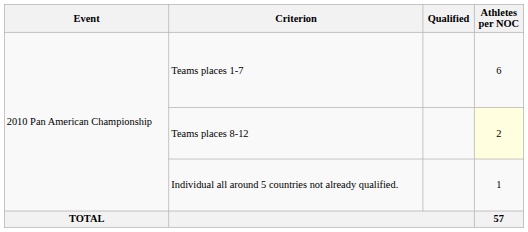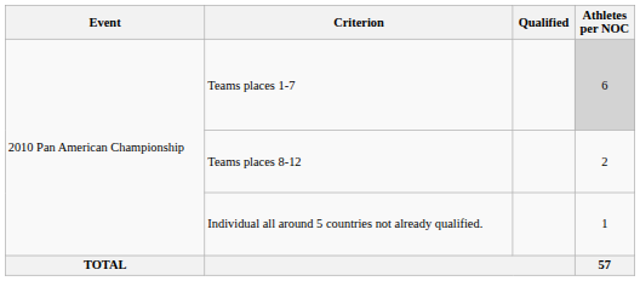 <table class="wikitable" width=800>
 <tr>
 <th>Event</th>
 <th>Criterion</th>
 <th>Qualified</th>
 <th>Athletes<br> per NOC</th>
 </tr>
 <tr>
 <td rowspan="3">2010 Pan American Championship</td>
 <td>Teams places 1-7</td>
 <td> <br>  <br>  <br>  <br>  <br>  <br> </td>
-<td align="center">6</td>
+<td align="center" style="background: lightgrey;">6</td>
 </tr>
 <tr>
 <td>Teams places 8-12</td>
 <td> <br>  <br>  <br>  <br> </td>
-<td align="center" style="background: lightyellow;">2</td>
+<td align="center">2</td>
 </tr>
 <tr>
 <td>Individual all around 5 countries not already qualified.</td>
 <td> <br>  <br>  <br>  <br> </td>
 <td align="center">1</td>
 </tr>
 <tr>
 <th>TOTAL</th>
 <th colspan="2"></th>
 <th>57</th>
 </tr>
 </table>
